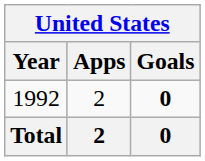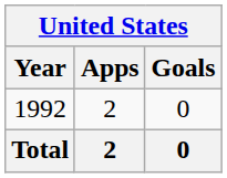 <table class="wikitable" style="text-align:center">
 <tr>
 <th colspan=3><a href='#'>United States</a></th>
 </tr>
 <tr>
 <th>Year</th>
 <th>Apps</th>
 <th>Goals</th>
 </tr>
 <tr>
 <td>1992</td>
 <td>2</td>
-<td><strong>0</strong></td>
+<td>0</td>
 </tr>
 <tr>
 <th>Total</th>
 <th>2</th>
 <th>0</th>
 </tr>
 </table>
